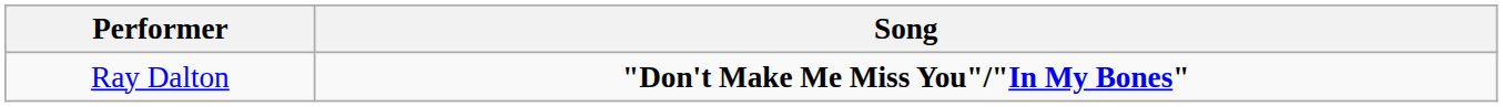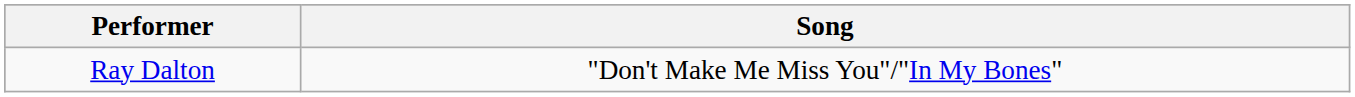 <table class="wikitable" style="text-align:center; width:50%">
 <tr>
 <th>Performer</th>
 <th>Song</th>
 </tr>
 <tr>
 <td><a href='#'>Ray Dalton</a></td>
-<td><strong>"Don't Make Me Miss You"/"<a href='#'>In My Bones</a>"</strong></td>
+<td>"Don't Make Me Miss You"/"<a href='#'>In My Bones</a>"</td>
 </tr>
 </table>
